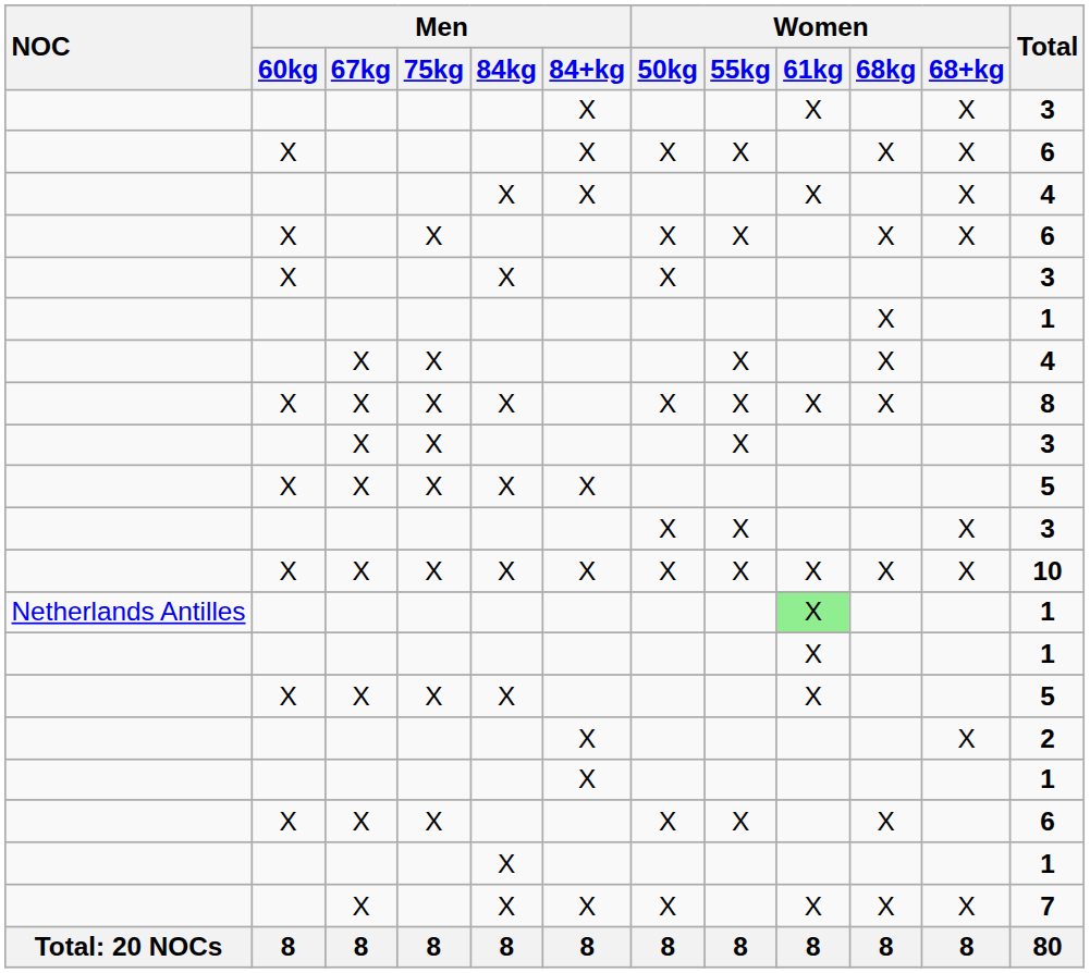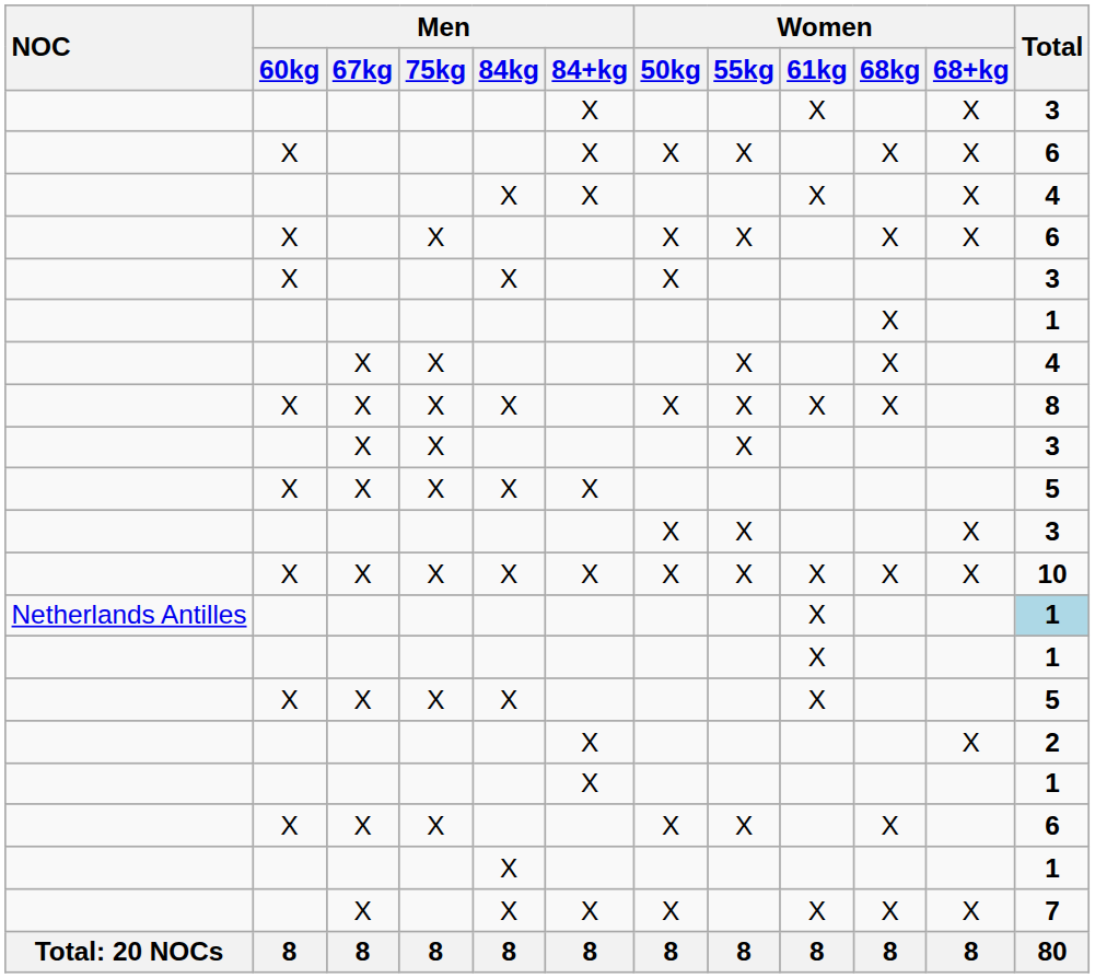 <table class="wikitable" style="text-align:center; font-size:90%">
 <tr>
 <th rowspan="2" style="text-align:left;">NOC</th>
 <th colspan="5">Men</th>
 <th colspan="5">Women</th>
 <th rowspan="2">Total</th>
 </tr>
 <tr>
 <th><a href='#'>60kg</a></th>
 <th><a href='#'>67kg</a></th>
 <th><a href='#'>75kg</a></th>
 <th><a href='#'>84kg</a></th>
 <th><a href='#'>84+kg</a></th>
 <th><a href='#'>50kg</a></th>
 <th><a href='#'>55kg</a></th>
 <th><a href='#'>61kg</a></th>
 <th><a href='#'>68kg</a></th>
 <th><a href='#'>68+kg</a></th>
 </tr>
 <tr>
 <td style="text-align:left;"></td>
 <td></td>
 <td></td>
 <td></td>
 <td></td>
 <td>X</td>
 <td></td>
 <td></td>
 <td>X</td>
 <td></td>
 <td>X</td>
 <td><strong>3</strong></td>
 </tr>
 <tr>
 <td style="text-align:left;"></td>
 <td>X</td>
 <td></td>
 <td></td>
 <td></td>
 <td>X</td>
 <td>X</td>
 <td>X</td>
 <td></td>
 <td>X</td>
 <td>X</td>
 <td><strong>6</strong></td>
 </tr>
 <tr>
 <td style="text-align:left;"></td>
 <td></td>
 <td></td>
 <td></td>
 <td>X</td>
 <td>X</td>
 <td></td>
 <td></td>
 <td>X</td>
 <td></td>
 <td>X</td>
 <td><strong>4</strong></td>
 </tr>
 <tr>
 <td style="text-align:left;"></td>
 <td>X</td>
 <td></td>
 <td>X</td>
 <td></td>
 <td></td>
 <td>X</td>
 <td>X</td>
 <td></td>
 <td>X</td>
 <td>X</td>
 <td><strong>6</strong></td>
 </tr>
 <tr>
 <td style="text-align:left;"></td>
 <td>X</td>
 <td></td>
 <td></td>
 <td>X</td>
 <td></td>
 <td>X</td>
 <td></td>
 <td></td>
 <td></td>
 <td></td>
 <td><strong>3</strong></td>
 </tr>
 <tr>
 <td style="text-align:left;"></td>
 <td></td>
 <td></td>
 <td></td>
 <td></td>
 <td></td>
 <td></td>
 <td></td>
 <td></td>
 <td>X</td>
 <td></td>
 <td><strong>1</strong></td>
 </tr>
 <tr>
 <td style="text-align:left;"></td>
 <td></td>
 <td>X</td>
 <td>X</td>
 <td></td>
 <td></td>
 <td></td>
 <td>X</td>
 <td></td>
 <td>X</td>
 <td></td>
 <td><strong>4</strong></td>
 </tr>
 <tr>
 <td style="text-align:left;"></td>
 <td>X</td>
 <td>X</td>
 <td>X</td>
 <td>X</td>
 <td></td>
 <td>X</td>
 <td>X</td>
 <td>X</td>
 <td>X</td>
 <td></td>
 <td><strong>8</strong></td>
 </tr>
 <tr>
 <td style="text-align:left;"></td>
 <td></td>
 <td>X</td>
 <td>X</td>
 <td></td>
 <td></td>
 <td></td>
 <td>X</td>
 <td></td>
 <td></td>
 <td></td>
 <td><strong>3</strong></td>
 </tr>
 <tr>
 <td style="text-align:left;"></td>
 <td>X</td>
 <td>X</td>
 <td>X</td>
 <td>X</td>
 <td>X</td>
 <td></td>
 <td></td>
 <td></td>
 <td></td>
 <td></td>
 <td><strong>5</strong></td>
 </tr>
 <tr>
 <td style="text-align:left;"></td>
 <td></td>
 <td></td>
 <td></td>
 <td></td>
 <td></td>
 <td>X</td>
 <td>X</td>
 <td></td>
 <td></td>
 <td>X</td>
 <td><strong>3</strong></td>
 </tr>
 <tr>
 <td style="text-align:left;"></td>
 <td>X</td>
 <td>X</td>
 <td>X</td>
 <td>X</td>
 <td>X</td>
 <td>X</td>
 <td>X</td>
 <td>X</td>
 <td>X</td>
 <td>X</td>
 <td><strong>10</strong></td>
 </tr>
 <tr>
 <td style="text-align:left;"> <a href='#'>Netherlands Antilles</a></td>
 <td></td>
 <td></td>
 <td></td>
 <td></td>
 <td></td>
 <td></td>
 <td></td>
-<td style="background: lightgreen;">X</td>
+<td>X</td>
 <td></td>
 <td></td>
-<td><strong>1</strong></td>
+<td style="background: lightblue;"><strong>1</strong></td>
 </tr>
 <tr>
 <td style="text-align:left;"></td>
 <td></td>
 <td></td>
 <td></td>
 <td></td>
 <td></td>
 <td></td>
 <td></td>
 <td>X</td>
 <td></td>
 <td></td>
 <td><strong>1</strong></td>
 </tr>
 <tr>
 <td style="text-align:left;"></td>
 <td>X</td>
 <td>X</td>
 <td>X</td>
 <td>X</td>
 <td></td>
 <td></td>
 <td></td>
 <td>X</td>
 <td></td>
 <td></td>
 <td><strong>5</strong></td>
 </tr>
 <tr>
 <td style="text-align:left;"></td>
 <td></td>
 <td></td>
 <td></td>
 <td></td>
 <td>X</td>
 <td></td>
 <td></td>
 <td></td>
 <td></td>
 <td>X</td>
 <td><strong>2</strong></td>
 </tr>
 <tr>
 <td style="text-align:left;"></td>
 <td></td>
 <td></td>
 <td></td>
 <td></td>
 <td>X</td>
 <td></td>
 <td></td>
 <td></td>
 <td></td>
 <td></td>
 <td><strong>1</strong></td>
 </tr>
 <tr>
 <td style="text-align:left;"></td>
 <td>X</td>
 <td>X</td>
 <td>X</td>
 <td></td>
 <td></td>
 <td>X</td>
 <td>X</td>
 <td></td>
 <td>X</td>
 <td></td>
 <td><strong>6</strong></td>
 </tr>
 <tr>
 <td style="text-align:left;"></td>
 <td></td>
 <td></td>
 <td></td>
 <td>X</td>
 <td></td>
 <td></td>
 <td></td>
 <td></td>
 <td></td>
 <td></td>
 <td><strong>1</strong></td>
 </tr>
 <tr>
 <td style="text-align:left;"></td>
 <td></td>
 <td>X</td>
 <td></td>
 <td>X</td>
 <td>X</td>
 <td>X</td>
 <td></td>
 <td>X</td>
 <td>X</td>
 <td>X</td>
 <td><strong>7</strong></td>
 </tr>
 <tr>
 <th>Total: 20 NOCs</th>
 <th>8</th>
 <th>8</th>
 <th>8</th>
 <th>8</th>
 <th>8</th>
 <th>8</th>
 <th>8</th>
 <th>8</th>
 <th>8</th>
 <th>8</th>
 <th>80</th>
 </tr>
 </table>
